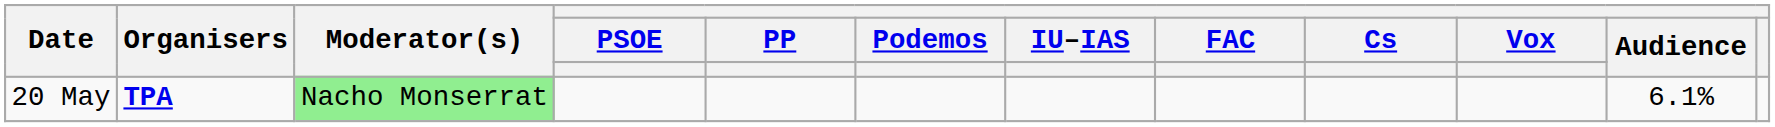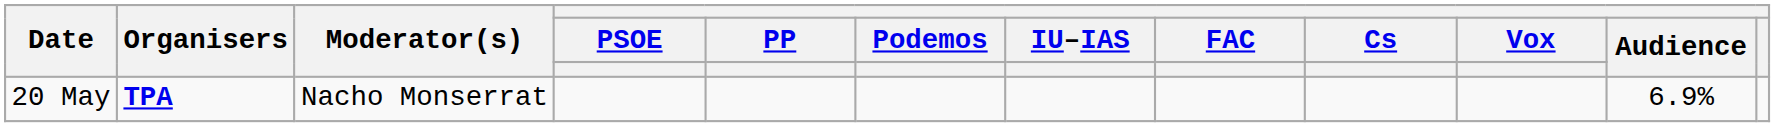 <table class="wikitable" style="text-align:center;">
 <tr>
 <th rowspan="3">Date</th>
 <th rowspan="3">Organisers</th>
 <th rowspan="3">Moderator(s)</th>
 <th colspan="11">  </th>
 </tr>
 <tr>
 <th scope="col" style="width:5em;"><a href='#'>PSOE</a></th>
 <th scope="col" style="width:5em;"><a href='#'>PP</a></th>
 <th scope="col" style="width:5em;"><a href='#'>Podemos</a></th>
 <th scope="col" style="width:5em;"><a href='#'>IU</a>–<a href='#'>IAS</a></th>
 <th scope="col" style="width:5em;"><a href='#'>FAC</a></th>
 <th scope="col" style="width:5em;"><a href='#'>Cs</a></th>
 <th scope="col" style="width:5em;"><a href='#'>Vox</a></th>
 <th rowspan="2" scope="col" style="width:5em;">Audience</th>
 <th rowspan="2"></th>
 </tr>
 <tr>
 <th style="color:inherit;background:"></th>
 <th style="color:inherit;background:"></th>
 <th style="color:inherit;background:"></th>
 <th style="color:inherit;background:"></th>
 <th style="color:inherit;background:"></th>
 <th style="color:inherit;background:"></th>
 <th style="color:inherit;background:"></th>
 </tr>
 <tr>
 <td style="white-space:nowrap; text-align:left;">20 May</td>
 <td style="white-space:nowrap; text-align:left;"><strong><a href='#'>TPA</a></strong></td>
-<td style="background: lightgreen; white-space:nowrap; text-align:left;">Nacho Monserrat</td>
+<td style="white-space:nowrap; text-align:left;">Nacho Monserrat</td>
 <td></td>
 <td></td>
 <td></td>
 <td></td>
 <td></td>
 <td></td>
 <td></td>
-<td>6.1%<br></td>
+<td>6.9%<br></td>
 <td><br></td>
 </tr>
 </table>
